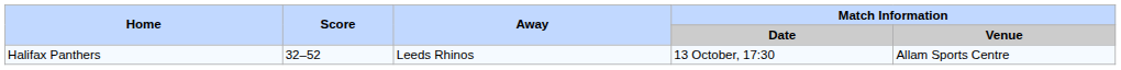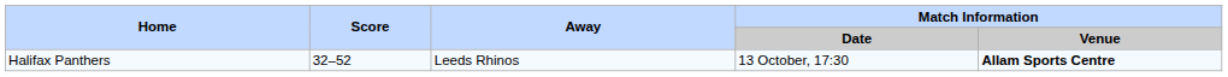 <table class="wikitable defaultcenter col1right col3left" style="font-size:90%; background-color:#F5FAFF" width=100%>
 <tr>
 <th scope="col" rowspan=2 style="background-color:#C1D8FF" width=25%>Home</th>
 <th scope="col" rowspan=2 style="background-color:#C1D8FF" width=10%>Score</th>
 <th scope="col" rowspan=2 style="background-color:#C1D8FF" width=25%>Away</th>
 <th colspan=2 style="background-color:#C1D8FF">Match Information</th>
 </tr>
 <tr>
 <th scope="col" style="background-color:#CCCCCC" width=20%>Date</th>
 <th scope="col" style="background-color:#CCCCCC" width=20%>Venue</th>
 </tr>
 <tr>
 <td>Halifax Panthers </td>
 <td>32–52</td>
 <td> Leeds Rhinos</td>
 <td>13 October, 17:30</td>
-<td>Allam Sports Centre</td>
+<td><strong>Allam Sports Centre</strong></td>
 </tr>
 </table>
